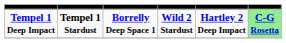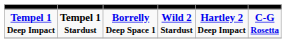 <table class="wikitable" style="font-weight: bold; margin-left: auto; margin-right: auto; text-align: center;">
 <tr style="background: black;">
 <td></td>
 <td></td>
 <td></td>
 <td></td>
 <td></td>
 <td></td>
 </tr>
 <tr>
 <td><a href='#'>Tempel 1</a><br><small>Deep Impact</small></td>
 <td>Tempel 1<br><small>Stardust</small></td>
 <td><a href='#'>Borrelly</a><br><small>Deep Space 1</small></td>
 <td><a href='#'>Wild 2</a><br><small>Stardust</small></td>
 <td><a href='#'>Hartley 2</a><br><small>Deep Impact</small></td>
-<td style="background: lightgreen;"><a href='#'>C-G</a><br><small><a href='#'>Rosetta</a></small></td>
+<td><a href='#'>C-G</a><br><small><a href='#'>Rosetta</a></small></td>
 </tr>
 <tr>
 </tr>
 </table>
